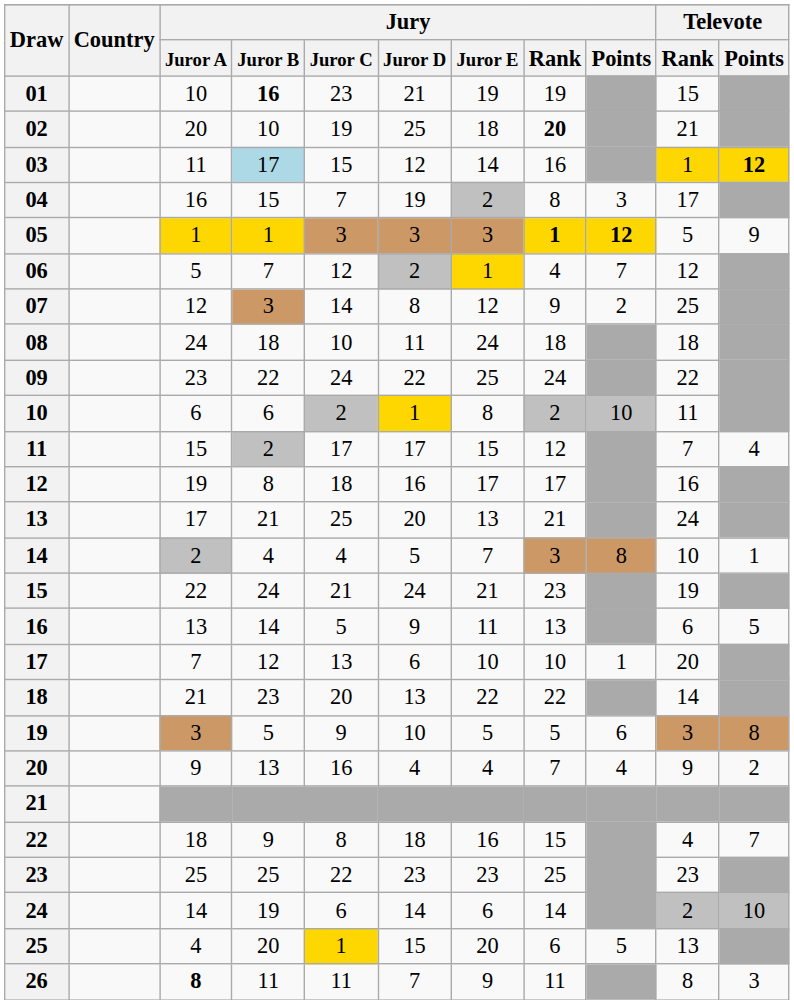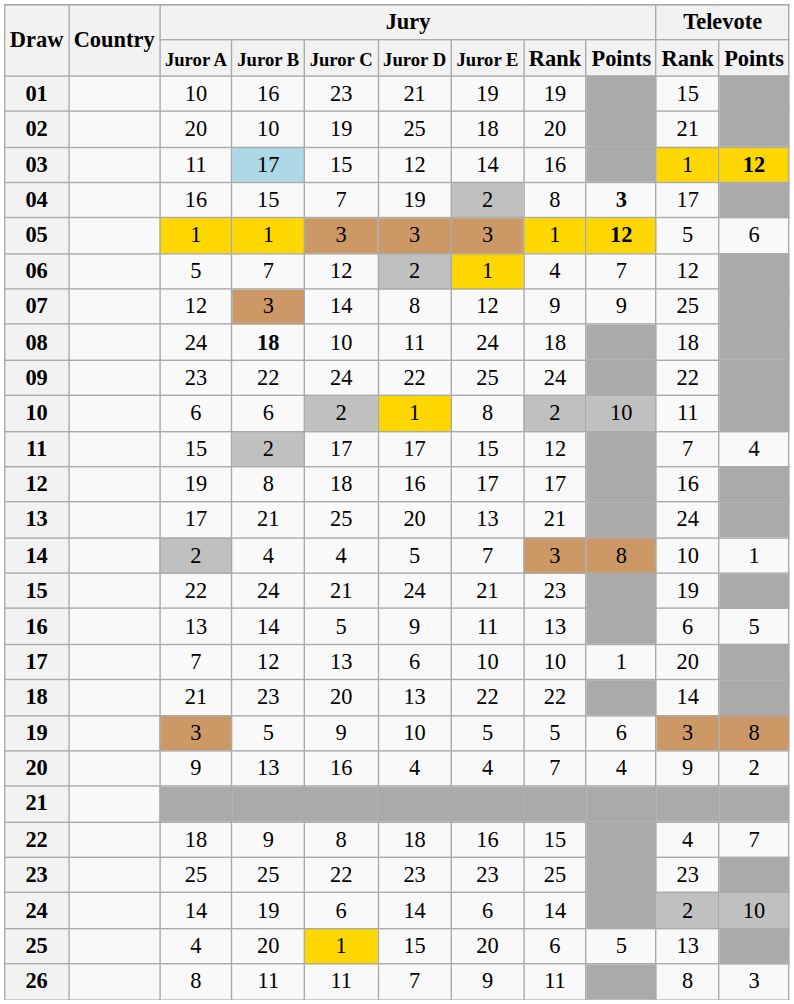 <table class="sortable wikitable collapsible plainrowheaders" style="text-align:center;">
 <tr>
 </tr>
 <tr>
 <th scope="col" rowspan="2">Draw</th>
 <th scope="col" rowspan="2">Country</th>
 <th scope="col" colspan="7">Jury</th>
 <th scope="col" colspan="2">Televote</th>
 </tr>
 <tr>
 <th scope="col"><small>Juror A</small></th>
 <th scope="col"><small>Juror B</small></th>
 <th scope="col"><small>Juror C</small></th>
 <th scope="col"><small>Juror D</small></th>
 <th scope="col"><small>Juror E</small></th>
 <th scope="col">Rank</th>
 <th scope="col">Points</th>
 <th scope="col">Rank</th>
 <th scope="col">Points</th>
 </tr>
 <tr>
 <th scope="row" style="text-align:center;">01</th>
 <td style="text-align:left;"></td>
 <td>10</td>
-<td><strong>16</strong></td>
+<td>16</td>
 <td>23</td>
 <td>21</td>
 <td>19</td>
 <td>19</td>
 <td style="background:#AAAAAA;"></td>
 <td>15</td>
 <td style="background:#AAAAAA;"></td>
 </tr>
 <tr>
 <th scope="row" style="text-align:center;">02</th>
 <td style="text-align:left;"></td>
 <td>20</td>
 <td>10</td>
 <td>19</td>
 <td>25</td>
 <td>18</td>
-<td><strong>20</strong></td>
+<td>20</td>
 <td style="background:#AAAAAA;"></td>
 <td>21</td>
 <td style="background:#AAAAAA;"></td>
 </tr>
 <tr>
 <th scope="row" style="text-align:center;">03</th>
 <td style="text-align:left;"></td>
 <td>11</td>
 <td style="background: lightblue;">17</td>
 <td>15</td>
 <td>12</td>
 <td>14</td>
 <td>16</td>
 <td style="background:#AAAAAA;"></td>
 <td style="background:gold;">1</td>
 <td style="background:gold;"><strong>12</strong></td>
 </tr>
 <tr>
 <th scope="row" style="text-align:center;">04</th>
 <td style="text-align:left;"></td>
 <td>16</td>
 <td>15</td>
 <td>7</td>
 <td>19</td>
 <td style="background:silver;">2</td>
 <td>8</td>
-<td>3</td>
+<td><strong>3</strong></td>
 <td>17</td>
 <td style="background:#AAAAAA;"></td>
 </tr>
 <tr>
 <th scope="row" style="text-align:center;">05</th>
 <td style="text-align:left;"></td>
 <td style="background:gold;">1</td>
 <td style="background:gold;">1</td>
 <td style="background:#CC9966;">3</td>
 <td style="background:#CC9966;">3</td>
 <td style="background:#CC9966;">3</td>
-<td style="background:gold;"><strong>1</strong></td>
+<td style="background:gold;">1</td>
 <td style="background:gold;"><strong>12</strong></td>
 <td>5</td>
-<td>9</td>
+<td>6</td>
 </tr>
 <tr>
 <th scope="row" style="text-align:center;">06</th>
 <td style="text-align:left;"></td>
 <td>5</td>
 <td>7</td>
 <td>12</td>
 <td style="background:silver;">2</td>
 <td style="background:gold;">1</td>
 <td>4</td>
 <td>7</td>
 <td>12</td>
 <td style="background:#AAAAAA;"></td>
 </tr>
 <tr>
 <th scope="row" style="text-align:center;">07</th>
 <td style="text-align:left;"></td>
 <td>12</td>
 <td style="background:#CC9966;">3</td>
 <td>14</td>
 <td>8</td>
 <td>12</td>
 <td>9</td>
-<td>2</td>
+<td>9</td>
 <td>25</td>
 <td style="background:#AAAAAA;"></td>
 </tr>
 <tr>
 <th scope="row" style="text-align:center;">08</th>
 <td style="text-align:left;"></td>
 <td>24</td>
-<td>18</td>
+<td><strong>18</strong></td>
 <td>10</td>
 <td>11</td>
 <td>24</td>
 <td>18</td>
 <td style="background:#AAAAAA;"></td>
 <td>18</td>
 <td style="background:#AAAAAA;"></td>
 </tr>
 <tr>
 <th scope="row" style="text-align:center;">09</th>
 <td style="text-align:left;"></td>
 <td>23</td>
 <td>22</td>
 <td>24</td>
 <td>22</td>
 <td>25</td>
 <td>24</td>
 <td style="background:#AAAAAA;"></td>
 <td>22</td>
 <td style="background:#AAAAAA;"></td>
 </tr>
 <tr>
 <th scope="row" style="text-align:center;">10</th>
 <td style="text-align:left;"></td>
 <td>6</td>
 <td>6</td>
 <td style="background:silver;">2</td>
 <td style="background:gold;">1</td>
 <td>8</td>
 <td style="background:silver;">2</td>
 <td style="background:silver;">10</td>
 <td>11</td>
 <td style="background:#AAAAAA;"></td>
 </tr>
 <tr>
 <th scope="row" style="text-align:center;">11</th>
 <td style="text-align:left;"></td>
 <td>15</td>
 <td style="background:silver;">2</td>
 <td>17</td>
 <td>17</td>
 <td>15</td>
 <td>12</td>
 <td style="background:#AAAAAA;"></td>
 <td>7</td>
 <td>4</td>
 </tr>
 <tr>
 <th scope="row" style="text-align:center;">12</th>
 <td style="text-align:left;"></td>
 <td>19</td>
 <td>8</td>
 <td>18</td>
 <td>16</td>
 <td>17</td>
 <td>17</td>
 <td style="background:#AAAAAA;"></td>
 <td>16</td>
 <td style="background:#AAAAAA;"></td>
 </tr>
 <tr>
 <th scope="row" style="text-align:center;">13</th>
 <td style="text-align:left;"></td>
 <td>17</td>
 <td>21</td>
 <td>25</td>
 <td>20</td>
 <td>13</td>
 <td>21</td>
 <td style="background:#AAAAAA;"></td>
 <td>24</td>
 <td style="background:#AAAAAA;"></td>
 </tr>
 <tr>
 <th scope="row" style="text-align:center;">14</th>
 <td style="text-align:left;"></td>
 <td style="background:silver;">2</td>
 <td>4</td>
 <td>4</td>
 <td>5</td>
 <td>7</td>
 <td style="background:#CC9966;">3</td>
 <td style="background:#CC9966;">8</td>
 <td>10</td>
 <td>1</td>
 </tr>
 <tr>
 <th scope="row" style="text-align:center;">15</th>
 <td style="text-align:left;"></td>
 <td>22</td>
 <td>24</td>
 <td>21</td>
 <td>24</td>
 <td>21</td>
 <td>23</td>
 <td style="background:#AAAAAA;"></td>
 <td>19</td>
 <td style="background:#AAAAAA;"></td>
 </tr>
 <tr>
 <th scope="row" style="text-align:center;">16</th>
 <td style="text-align:left;"></td>
 <td>13</td>
 <td>14</td>
 <td>5</td>
 <td>9</td>
 <td>11</td>
 <td>13</td>
 <td style="background:#AAAAAA;"></td>
 <td>6</td>
 <td>5</td>
 </tr>
 <tr>
 <th scope="row" style="text-align:center;">17</th>
 <td style="text-align:left;"></td>
 <td>7</td>
 <td>12</td>
 <td>13</td>
 <td>6</td>
 <td>10</td>
 <td>10</td>
 <td>1</td>
 <td>20</td>
 <td style="background:#AAAAAA;"></td>
 </tr>
 <tr>
 <th scope="row" style="text-align:center;">18</th>
 <td style="text-align:left;"></td>
 <td>21</td>
 <td>23</td>
 <td>20</td>
 <td>13</td>
 <td>22</td>
 <td>22</td>
 <td style="background:#AAAAAA;"></td>
 <td>14</td>
 <td style="background:#AAAAAA;"></td>
 </tr>
 <tr>
 <th scope="row" style="text-align:center;">19</th>
 <td style="text-align:left;"></td>
 <td style="background:#CC9966;">3</td>
 <td>5</td>
 <td>9</td>
 <td>10</td>
 <td>5</td>
 <td>5</td>
 <td>6</td>
 <td style="background:#CC9966;">3</td>
 <td style="background:#CC9966;">8</td>
 </tr>
 <tr>
 <th scope="row" style="text-align:center;">20</th>
 <td style="text-align:left;"></td>
 <td>9</td>
 <td>13</td>
 <td>16</td>
 <td>4</td>
 <td>4</td>
 <td>7</td>
 <td>4</td>
 <td>9</td>
 <td>2</td>
 </tr>
 <tr class="sortbottom">
 <th scope="row" style="text-align:center;">21</th>
 <td style="text-align:left;"></td>
 <td style="background:#AAAAAA;"></td>
 <td style="background:#AAAAAA;"></td>
 <td style="background:#AAAAAA;"></td>
 <td style="background:#AAAAAA;"></td>
 <td style="background:#AAAAAA;"></td>
 <td style="background:#AAAAAA;"></td>
 <td style="background:#AAAAAA;"></td>
 <td style="background:#AAAAAA;"></td>
 <td style="background:#AAAAAA;"></td>
 </tr>
 <tr>
 <th scope="row" style="text-align:center;">22</th>
 <td style="text-align:left;"></td>
 <td>18</td>
 <td>9</td>
 <td>8</td>
 <td>18</td>
 <td>16</td>
 <td>15</td>
 <td style="background:#AAAAAA;"></td>
 <td>4</td>
 <td>7</td>
 </tr>
 <tr>
 <th scope="row" style="text-align:center;">23</th>
 <td style="text-align:left;"></td>
 <td>25</td>
 <td>25</td>
 <td>22</td>
 <td>23</td>
 <td>23</td>
 <td>25</td>
 <td style="background:#AAAAAA;"></td>
 <td>23</td>
 <td style="background:#AAAAAA;"></td>
 </tr>
 <tr>
 <th scope="row" style="text-align:center;">24</th>
 <td style="text-align:left;"></td>
 <td>14</td>
 <td>19</td>
 <td>6</td>
 <td>14</td>
 <td>6</td>
 <td>14</td>
 <td style="background:#AAAAAA;"></td>
 <td style="background:silver;">2</td>
 <td style="background:silver;">10</td>
 </tr>
 <tr>
 <th scope="row" style="text-align:center;">25</th>
 <td style="text-align:left;"></td>
 <td>4</td>
 <td>20</td>
 <td style="background:gold;">1</td>
 <td>15</td>
 <td>20</td>
 <td>6</td>
 <td>5</td>
 <td>13</td>
 <td style="background:#AAAAAA;"></td>
 </tr>
 <tr>
 <th scope="row" style="text-align:center;">26</th>
 <td style="text-align:left;"></td>
-<td><strong>8</strong></td>
+<td>8</td>
 <td>11</td>
 <td>11</td>
 <td>7</td>
 <td>9</td>
 <td>11</td>
 <td style="background:#AAAAAA;"></td>
 <td>8</td>
 <td>3</td>
 </tr>
 </table>
